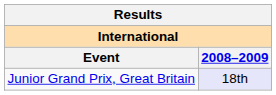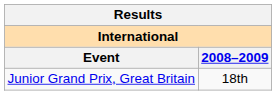 <table class="wikitable" style="text-align:center">
 <tr>
 <th colspan=2 align=center><strong>Results</strong></th>
 </tr>
 <tr>
 <th style="background-color: #ffdead; " colspan=2 align=center><strong>International</strong></th>
 </tr>
 <tr>
 <th>Event</th>
 <th><a href='#'>2008–2009</a></th>
 </tr>
 <tr>
 <td align=left><a href='#'>Junior Grand Prix, Great Britain</a></td>
-<td style="background: lavender;">18th</td>
+<td>18th</td>
 </tr>
 </table>
